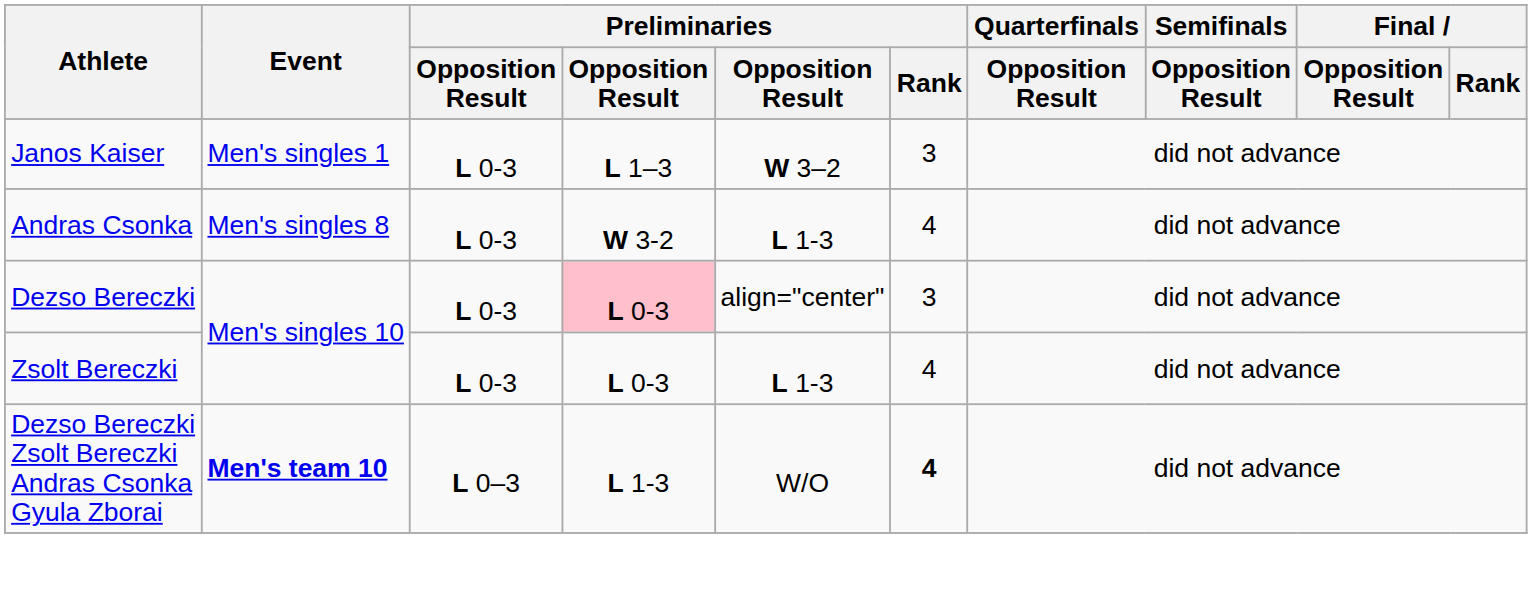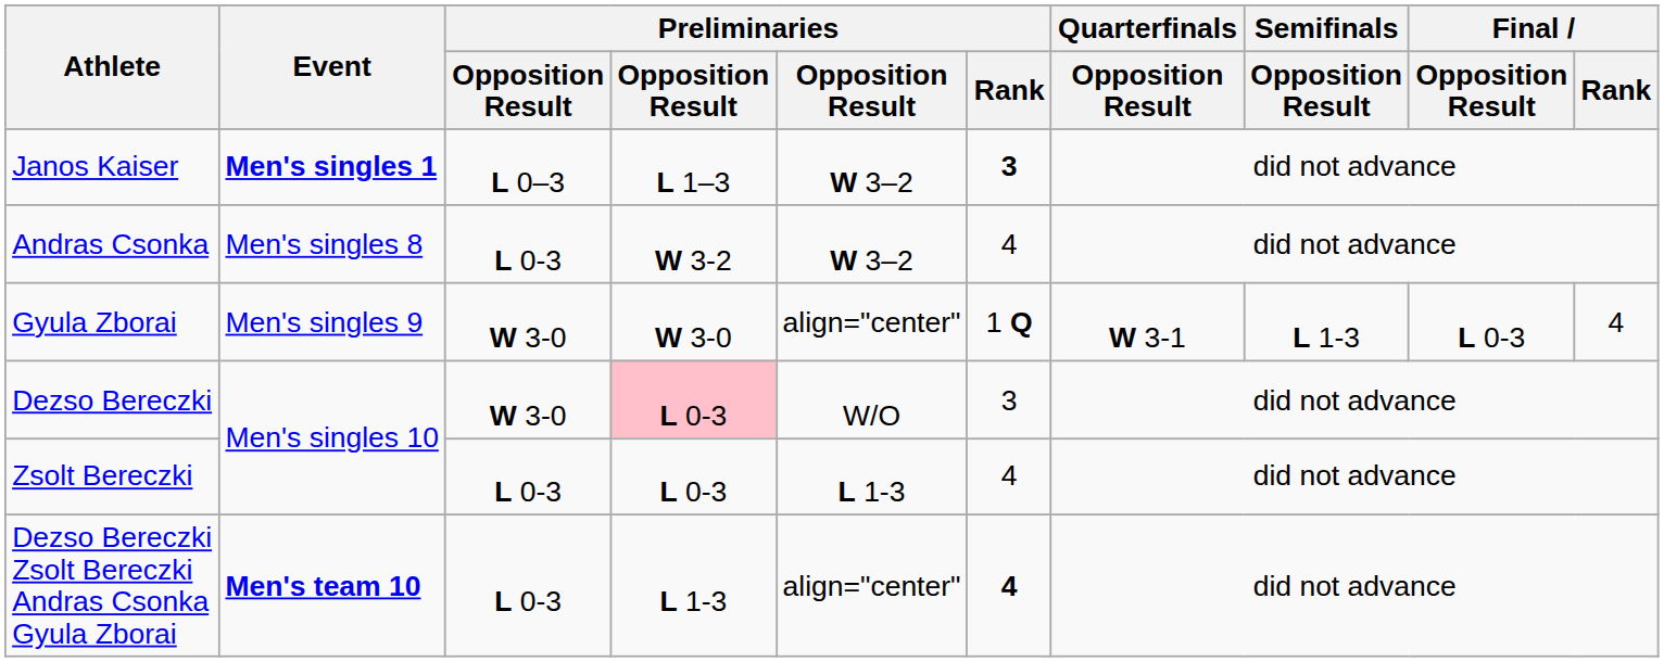 <table class=wikitable style="font-size:90%">
 <tr>
 <th rowspan="2">Athlete</th>
 <th rowspan="2">Event</th>
 <th colspan="4">Preliminaries</th>
 <th>Quarterfinals</th>
 <th>Semifinals</th>
 <th colspan="2">Final / </th>
 </tr>
 <tr>
 <th>Opposition<br>Result</th>
 <th>Opposition<br>Result</th>
 <th>Opposition<br>Result</th>
 <th>Rank</th>
 <th>Opposition<br>Result</th>
 <th>Opposition<br>Result</th>
 <th>Opposition<br>Result</th>
 <th>Rank</th>
 </tr>
 <tr>
 <td><a href='#'>Janos Kaiser</a></td>
-<td><a href='#'>Men's singles 1</a></td>
-<td align="center"><br><strong>L</strong> 0-3</td>
+<td><strong><a href='#'>Men's singles 1</a></strong></td>
+<td align="center"><br><strong>L</strong> 0–3</td>
 <td align="center"><br><strong>L</strong> 1–3</td>
 <td align="center"><br><strong>W</strong> 3–2</td>
-<td align="center">3</td>
+<td align="center"><strong>3</strong></td>
 <td align="center" colspan="4">did not advance</td>
 </tr>
 <tr>
 <td><a href='#'>Andras Csonka</a></td>
 <td><a href='#'>Men's singles 8</a></td>
 <td align="center"><br> <strong>L</strong> 0-3</td>
 <td align="center"><br> <strong>W</strong> 3-2</td>
-<td align="center"><br> <strong>L</strong> 1-3</td>
+<td align="center"><br><strong>W</strong> 3–2</td>
 <td align="center">4</td>
 <td align="center" colspan="4">did not advance</td>
 </tr>
 <tr>
+<td><a href='#'>Gyula Zborai</a></td>
+<td><a href='#'>Men's singles 9</a></td>
+<td align="center"><br><strong>W</strong> 3-0</td>
+<td align="center"><br><strong>W</strong> 3-0</td>
+<td>align="center" </td>
+<td align="center">1 <strong>Q</strong></td>
+<td align="center"><br><strong>W</strong> 3-1</td>
+<td align="center"><br><strong>L</strong> 1-3</td>
+<td align="center"><br><strong>L</strong> 0-3</td>
+<td align="center">4</td>
+</tr>
+<tr>
 <td><a href='#'>Dezso Bereczki</a></td>
 <td rowspan="2"><a href='#'>Men's singles 10</a></td>
-<td align="center"><br><strong>L</strong> 0-3</td>
+<td align="center"><br><strong>W</strong> 3-0</td>
 <td align="center" style="background: pink;"><br><strong>L</strong> 0-3</td>
-<td>align="center" </td>
+<td align="center"><br> W/O</td>
 <td align="center">3</td>
 <td align="center" colspan="4">did not advance</td>
 </tr>
 <tr>
 <td><a href='#'>Zsolt Bereczki</a></td>
 <td align="center"><br><strong>L</strong> 0-3</td>
 <td align="center"><br><strong>L</strong> 0-3</td>
 <td align="center"><br><strong>L</strong> 1-3</td>
 <td align="center">4</td>
 <td align="center" colspan="4">did not advance</td>
 </tr>
 <tr>
 <td><a href='#'>Dezso Bereczki</a><br> <a href='#'>Zsolt Bereczki</a><br> <a href='#'>Andras Csonka</a><br> <a href='#'>Gyula Zborai</a></td>
 <td><strong><a href='#'>Men's team 10</a></strong></td>
-<td align="center"><br><strong>L</strong> 0–3</td>
+<td align="center"><br><strong>L</strong> 0-3</td>
 <td align="center"><br><strong>L</strong> 1-3</td>
-<td align="center"><br> W/O</td>
+<td>align="center" </td>
 <td align="center"><strong>4</strong></td>
 <td align="center" colspan="4">did not advance</td>
 </tr>
 </table>
